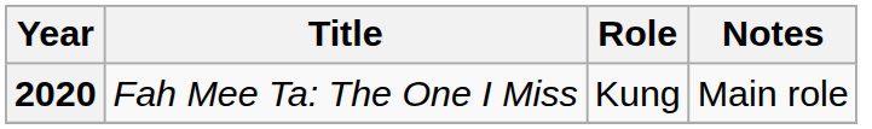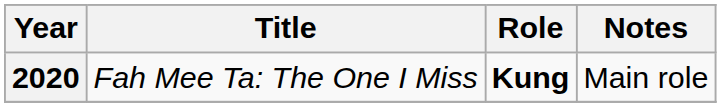 <table class="wikitable sortable plainrowheaders">
 <tr>
 <th scope="col">Year</th>
 <th scope="col">Title</th>
 <th scope="col">Role</th>
 <th scope="col" class="unsortable">Notes</th>
 </tr>
 <tr>
 <th scope="row">2020</th>
 <td><em>Fah Mee Ta: The One I Miss</em></td>
-<td>Kung</td>
+<td><strong>Kung</strong></td>
 <td>Main role</td>
 </tr>
 <tr>
 </tr>
 </table>
